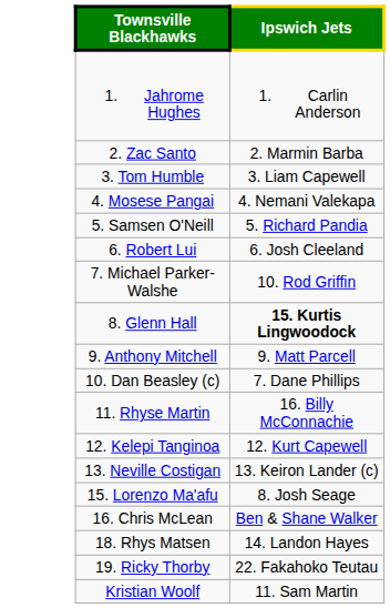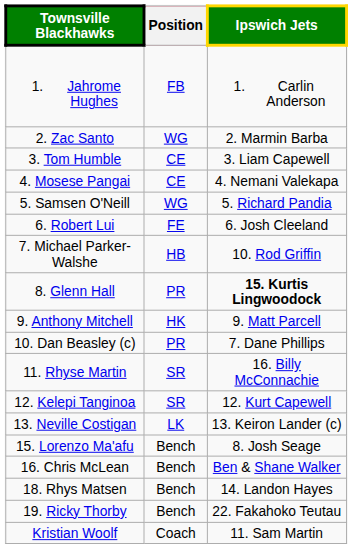 <table class="wikitable" style="float:right; font-size:90%; text-align:center; margin-left:1em;">
 <tr style="background:#f03;">
 <th align="centre" width="136" style="border: 3px solid black; background: green; color: white">Townsville Blackhawks</th>
+<th style="width:40px;">Position</th>
 <th align="centre" width="136" style="border: 3px solid gold; background: green; color: white">Ipswich Jets</th>
 </tr>
 <tr>
 <td><br><ol><li><a href='#'>Jahrome Hughes</a></li></ol></td>
+<td><a href='#'>FB</a></td>
 <td><br><ol><li>Carlin Anderson</li></ol></td>
 </tr>
 <tr>
 <td>2. <a href='#'>Zac Santo</a></td>
+<td><a href='#'>WG</a></td>
 <td>2. Marmin Barba</td>
 </tr>
 <tr>
 <td>3. <a href='#'>Tom Humble</a></td>
+<td><a href='#'>CE</a></td>
 <td>3. Liam Capewell</td>
 </tr>
 <tr>
 <td>4. <a href='#'>Mosese Pangai</a></td>
+<td><a href='#'>CE</a></td>
 <td>4. Nemani Valekapa</td>
 </tr>
 <tr>
 <td>5. Samsen O'Neill</td>
+<td><a href='#'>WG</a></td>
 <td>5. <a href='#'>Richard Pandia</a></td>
 </tr>
 <tr>
 <td>6. <a href='#'>Robert Lui</a></td>
+<td><a href='#'>FE</a></td>
 <td>6. Josh Cleeland</td>
 </tr>
 <tr>
 <td>7. Michael Parker-Walshe</td>
+<td><a href='#'>HB</a></td>
 <td>10. <a href='#'>Rod Griffin</a></td>
 </tr>
 <tr>
 <td>8. <a href='#'>Glenn Hall</a></td>
+<td><a href='#'>PR</a></td>
 <td><strong>15. Kurtis Lingwoodock</strong></td>
 </tr>
 <tr>
 <td>9. <a href='#'>Anthony Mitchell</a></td>
+<td><a href='#'>HK</a></td>
 <td>9. <a href='#'>Matt Parcell</a></td>
 </tr>
 <tr>
 <td>10. Dan Beasley (c)</td>
+<td><a href='#'>PR</a></td>
 <td>7. Dane Phillips</td>
 </tr>
 <tr>
 <td>11. <a href='#'>Rhyse Martin</a></td>
+<td><a href='#'>SR</a></td>
 <td>16. <a href='#'>Billy McConnachie</a></td>
 </tr>
 <tr>
 <td>12. <a href='#'>Kelepi Tanginoa</a></td>
+<td><a href='#'>SR</a></td>
 <td>12. <a href='#'>Kurt Capewell</a></td>
 </tr>
 <tr>
 <td>13. <a href='#'>Neville Costigan</a></td>
+<td><a href='#'>LK</a></td>
 <td>13. Keiron Lander (c)</td>
 </tr>
 <tr>
 <td>15. <a href='#'>Lorenzo Ma'afu</a></td>
+<td>Bench</td>
 <td>8. Josh Seage</td>
 </tr>
 <tr>
 <td>16. Chris McLean</td>
+<td>Bench</td>
 <td><a href='#'>Ben</a> & <a href='#'>Shane Walker</a></td>
 </tr>
 <tr>
 <td>18. Rhys Matsen</td>
+<td>Bench</td>
 <td>14. Landon Hayes</td>
 </tr>
 <tr>
 <td>19. <a href='#'>Ricky Thorby</a></td>
+<td>Bench</td>
 <td>22. Fakahoko Teutau</td>
 </tr>
 <tr>
 <td><a href='#'>Kristian Woolf</a></td>
+<td>Coach</td>
 <td>11. Sam Martin</td>
 </tr>
 </table>
